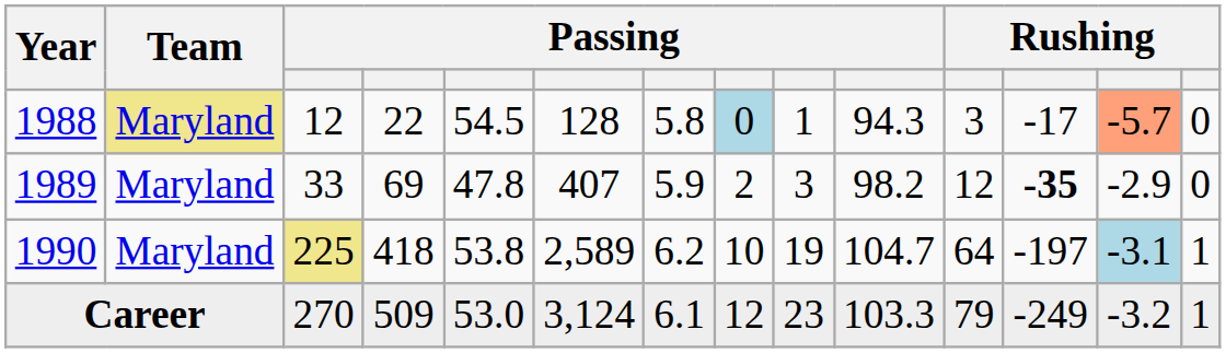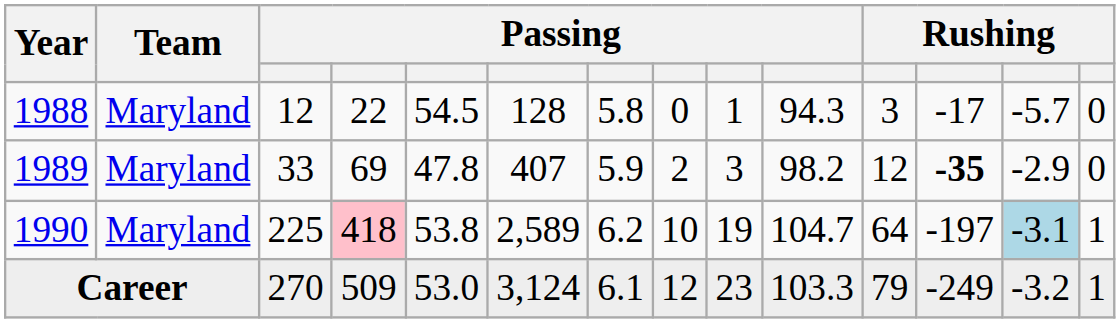 <table class="wikitable sortable" style="text-align:center;">
 <tr>
 <th rowspan=2>Year</th>
 <th rowspan=2>Team</th>
 <th colspan=8>Passing</th>
 <th colspan=4>Rushing</th>
 </tr>
 <tr>
 <th></th>
 <th></th>
 <th></th>
 <th></th>
 <th></th>
 <th></th>
 <th></th>
 <th></th>
 <th></th>
 <th></th>
 <th></th>
 <th></th>
 </tr>
 <tr>
 <td><a href='#'>1988</a></td>
-<td style="background: khaki;"><a href='#'>Maryland</a></td>
+<td><a href='#'>Maryland</a></td>
 <td>12</td>
 <td>22</td>
 <td>54.5</td>
 <td>128</td>
 <td>5.8</td>
-<td style="background: lightblue;">0</td>
+<td>0</td>
 <td>1</td>
 <td>94.3</td>
 <td>3</td>
 <td>-17</td>
-<td style="background: lightsalmon;">-5.7</td>
+<td>-5.7</td>
 <td>0</td>
 </tr>
 <tr>
 <td><a href='#'>1989</a></td>
 <td><a href='#'>Maryland</a></td>
 <td>33</td>
 <td>69</td>
 <td>47.8</td>
 <td>407</td>
 <td>5.9</td>
 <td>2</td>
 <td>3</td>
 <td>98.2</td>
 <td>12</td>
 <td><strong>-35</strong></td>
 <td>-2.9</td>
 <td>0</td>
 </tr>
 <tr>
 <td><a href='#'>1990</a></td>
 <td><a href='#'>Maryland</a></td>
-<td style="background: khaki;">225</td>
-<td>418</td>
+<td>225</td>
+<td style="background: pink;">418</td>
 <td>53.8</td>
 <td>2,589</td>
 <td>6.2</td>
 <td>10</td>
 <td>19</td>
 <td>104.7</td>
 <td>64</td>
 <td>-197</td>
 <td style="background: lightblue;">-3.1</td>
 <td>1</td>
 </tr>
 <tr class="sortbottom" style="background:#eee;">
 <td colspan=2><strong>Career</strong></td>
 <td>270</td>
 <td>509</td>
 <td>53.0</td>
 <td>3,124</td>
 <td>6.1</td>
 <td>12</td>
 <td>23</td>
 <td>103.3</td>
 <td>79</td>
 <td>-249</td>
 <td>-3.2</td>
 <td>1</td>
 </tr>
 </table>
